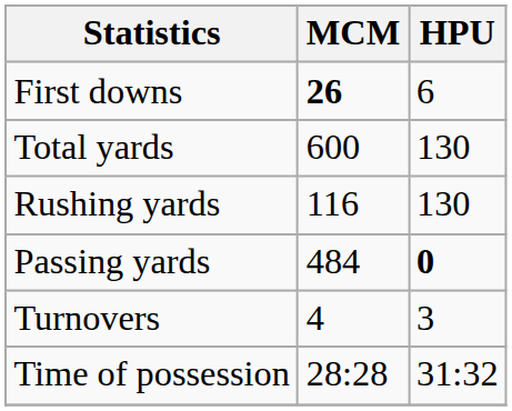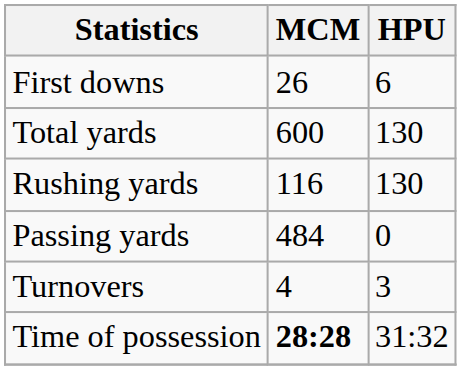 <table class="wikitable">
 <tr>
 <th>Statistics</th>
 <th>MCM</th>
 <th>HPU</th>
 </tr>
 <tr>
 <td>First downs</td>
-<td><strong>26</strong></td>
+<td>26</td>
 <td>6</td>
 </tr>
 <tr>
 <td>Total yards</td>
 <td>600</td>
 <td>130</td>
 </tr>
 <tr>
 <td>Rushing yards</td>
 <td>116</td>
 <td>130</td>
 </tr>
 <tr>
 <td>Passing yards</td>
 <td>484</td>
-<td><strong>0</strong></td>
+<td>0</td>
 </tr>
 <tr>
 <td>Turnovers</td>
 <td>4</td>
 <td>3</td>
 </tr>
 <tr>
 <td>Time of possession</td>
-<td>28:28</td>
+<td><strong>28:28</strong></td>
 <td>31:32</td>
 </tr>
 <tr>
 </tr>
 </table>
